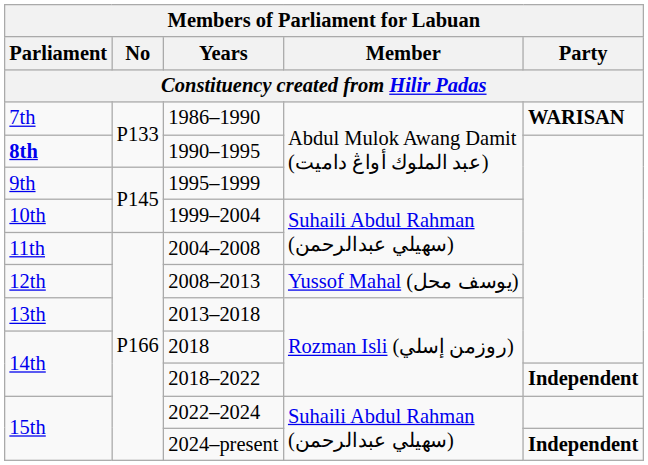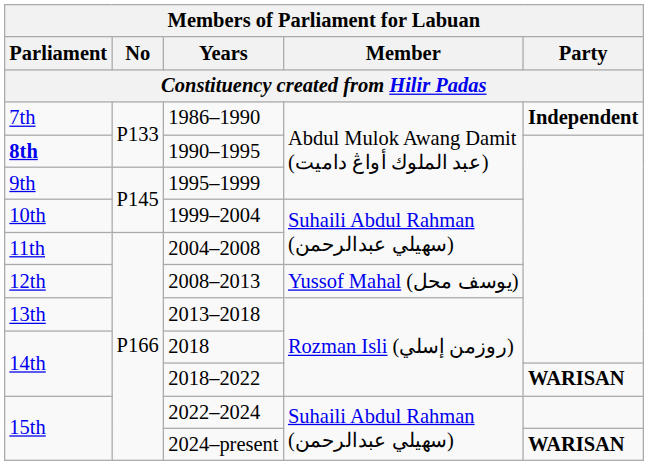 <table class=wikitable>
 <tr>
 <th colspan="5">Members of Parliament for Labuan</th>
 </tr>
 <tr>
 <th>Parliament</th>
 <th>No</th>
 <th>Years</th>
 <th>Member</th>
 <th>Party</th>
 </tr>
 <tr>
 <th colspan="5" align="center"><em>Constituency created from <a href='#'>Hilir Padas</a></em></th>
 </tr>
 <tr>
 <td><a href='#'>7th</a></td>
 <td rowspan="2">P133</td>
 <td>1986–1990</td>
 <td rowspan=3>Abdul Mulok Awang Damit  <br>(عبد الملوك أواڠ داميت)</td>
-<td><strong>WARISAN</strong></td>
+<td><strong>Independent</strong></td>
 </tr>
 <tr>
 <td><strong><a href='#'>8th</a></strong></td>
 <td>1990–1995</td>
 <td rowspan="7"></td>
 </tr>
 <tr>
 <td><a href='#'>9th</a></td>
 <td rowspan="2">P145</td>
 <td>1995–1999</td>
 </tr>
 <tr>
 <td><a href='#'>10th</a></td>
 <td>1999–2004</td>
 <td rowspan=2><a href='#'>Suhaili Abdul Rahman</a> <br> (سهيلي عبدالرحمن)</td>
 </tr>
 <tr>
 <td><a href='#'>11th</a></td>
 <td rowspan="7">P166</td>
 <td>2004–2008</td>
 </tr>
 <tr>
 <td><a href='#'>12th</a></td>
 <td>2008–2013</td>
 <td><a href='#'>Yussof Mahal</a> (يوسف محل)</td>
 </tr>
 <tr>
 <td><a href='#'>13th</a></td>
 <td>2013–2018</td>
 <td rowspan=3><a href='#'>Rozman Isli</a> (روزمن إسلي)</td>
 </tr>
 <tr>
 <td rowspan="2"><a href='#'>14th</a></td>
 <td>2018</td>
 </tr>
 <tr>
 <td>2018–2022</td>
-<td><strong>Independent</strong></td>
+<td><strong>WARISAN</strong></td>
 </tr>
 <tr>
 <td rowspan="2"><a href='#'>15th</a></td>
 <td>2022–2024</td>
 <td rowspan="2"><a href='#'>Suhaili Abdul Rahman</a> <br> (سهيلي عبدالرحمن)</td>
 <td></td>
 </tr>
 <tr>
 <td>2024–present</td>
-<td><strong>Independent</strong></td>
+<td><strong>WARISAN</strong></td>
 </tr>
 </table>
